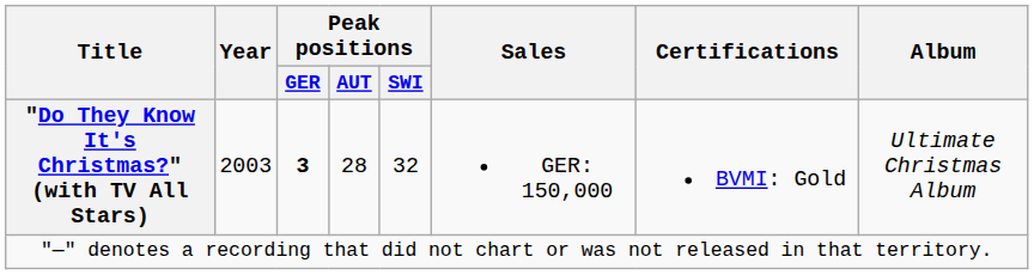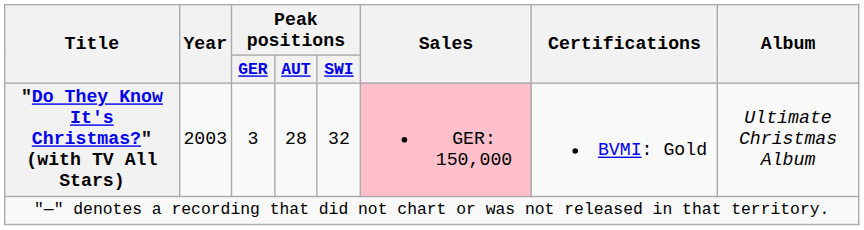 <table class="wikitable plainrowheaders" style="text-align:center;">
 <tr>
 <th align="center" rowspan="2" width="200">Title</th>
 <th align="center" rowspan="2" width="10">Year</th>
 <th align="center" colspan="3" width="20">Peak positions</th>
 <th align="center" rowspan="2" width="170">Sales</th>
 <th align="center" rowspan="2" width="170">Certifications</th>
 <th align="center" rowspan="2" style="width:12em;">Album</th>
 </tr>
 <tr>
 <th scope="col" style="width:3em;font-size:90%;"><a href='#'>GER</a><br></th>
 <th scope="col" style="width:3em;font-size:90%;"><a href='#'>AUT</a><br></th>
 <th scope="col" style="width:3em;font-size:90%;"><a href='#'>SWI</a><br></th>
 </tr>
 <tr>
 <th scope="row">"<a href='#'>Do They Know It's Christmas?</a>" <br><span>(with TV All Stars)</span></th>
 <td>2003</td>
-<td><strong>3</strong></td>
+<td>3</td>
 <td>28</td>
 <td>32</td>
-<td><br><ul><li>GER: 150,000</li></ul></td>
+<td style="background: pink;"><br><ul><li>GER: 150,000</li></ul></td>
 <td><br><ul><li><a href='#'>BVMI</a>: Gold</li></ul></td>
 <td><em>Ultimate Christmas Album</em></td>
 </tr>
 <tr>
 <td colspan="11" style="font-size:90%">"—" denotes a recording that did not chart or was not released in that territory.</td>
 </tr>
 </table>
